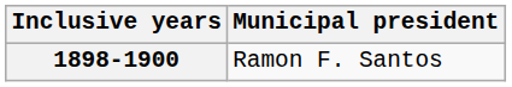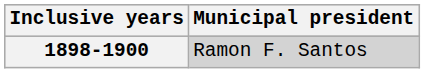 <table class="wikitable collapsible autocollapse" style="font-size:95%">
 <tr>
 <th scope="col">Inclusive years</th>
 <th scope="col">Municipal president</th>
 </tr>
 <tr>
 <th scope="row">1898-1900</th>
-<td>Ramon F. Santos  </td>
+<td style="background: lightgrey;">Ramon F. Santos  </td>
 </tr>
 </table>
